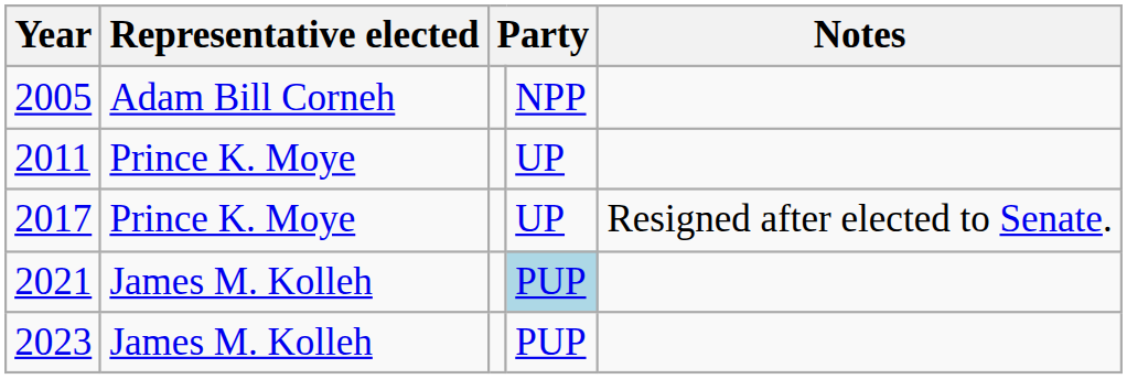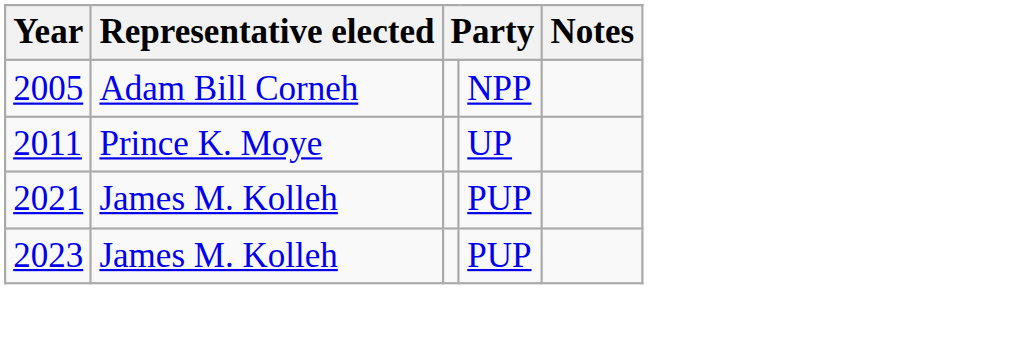 <table class="wikitable">
 <tr>
 <th>Year</th>
 <th>Representative elected</th>
 <th colspan=2>Party</th>
 <th>Notes</th>
 </tr>
 <tr>
 <td><a href='#'>2005</a></td>
 <td><a href='#'>Adam Bill Corneh</a></td>
 <td></td>
 <td><a href='#'>NPP</a></td>
 <td></td>
 </tr>
 <tr>
 <td><a href='#'>2011</a></td>
 <td><a href='#'>Prince K. Moye</a></td>
 <td></td>
 <td><a href='#'>UP</a></td>
 <td></td>
 </tr>
 <tr>
-<td><a href='#'>2017</a></td>
-<td><a href='#'>Prince K. Moye</a></td>
-<td></td>
-<td><a href='#'>UP</a></td>
-<td>Resigned after elected to <a href='#'>Senate</a>.</td>
-</tr>
-<tr>
 <td><a href='#'>2021</a></td>
 <td><a href='#'>James M. Kolleh</a></td>
 <td></td>
-<td style="background: lightblue;"><a href='#'>PUP</a></td>
+<td><a href='#'>PUP</a></td>
 <td></td>
 </tr>
 <tr>
 <td><a href='#'>2023</a></td>
 <td><a href='#'>James M. Kolleh</a></td>
 <td></td>
 <td><a href='#'>PUP</a></td>
 <td></td>
 </tr>
 </table>
